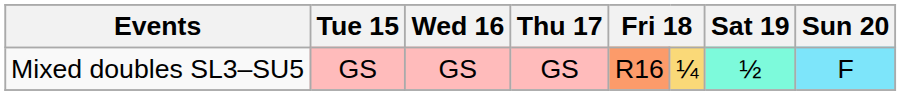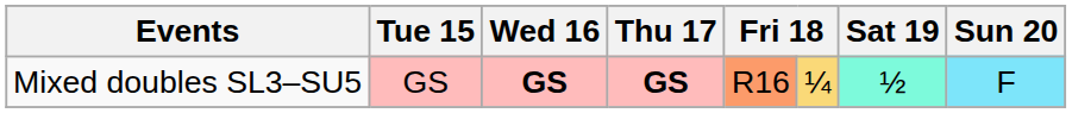 <table class="wikitable" style="margin:0.5em auto; font-size:90%; text-align:center">
 <tr>
 <th>Events</th>
 <th>Tue 15</th>
 <th>Wed 16</th>
 <th>Thu 17</th>
 <th colspan="2">Fri 18</th>
 <th>Sat 19</th>
 <th>Sun 20</th>
 </tr>
 <tr>
 <td align="left">Mixed doubles SL3–SU5</td>
 <td bgcolor="#FFBBBB">GS</td>
-<td bgcolor="#FFBBBB">GS</td>
-<td bgcolor="#FFBBBB">GS</td>
+<td bgcolor="#FFBBBB"><strong>GS</strong></td>
+<td bgcolor="#FFBBBB"><strong>GS</strong></td>
 <td bgcolor="#FC9B6A">R16</td>
 <td bgcolor="#FAD978">¼</td>
 <td bgcolor="#7DFADB">½</td>
 <td bgcolor="#7DE5FA">F</td>
 </tr>
 </table>
